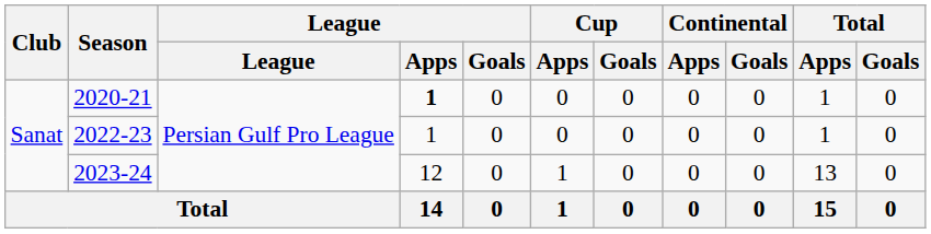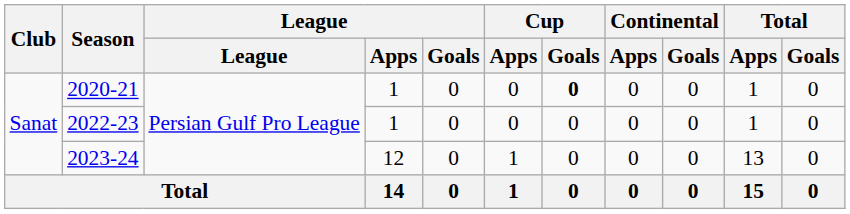 <table class="wikitable"style="text-align:center;">
 <tr>
 <th rowspan=2>Club</th>
 <th rowspan=2>Season</th>
 <th colspan=3>League</th>
 <th colspan=2>Cup</th>
 <th colspan=2>Continental</th>
 <th colspan=2>Total</th>
 </tr>
 <tr>
 <th>League</th>
 <th>Apps</th>
 <th>Goals</th>
 <th>Apps</th>
 <th>Goals</th>
 <th>Apps</th>
 <th>Goals</th>
 <th>Apps</th>
 <th>Goals</th>
 </tr>
 <tr>
 <td rowspan="3"><a href='#'>Sanat</a></td>
 <td><a href='#'>2020-21</a></td>
 <td rowspan="3"><a href='#'>Persian Gulf Pro League</a></td>
-<td><strong>1</strong></td>
+<td>1</td>
 <td>0</td>
 <td>0</td>
-<td>0</td>
+<td><strong>0</strong></td>
 <td>0</td>
 <td>0</td>
 <td>1</td>
 <td>0</td>
 </tr>
 <tr>
 <td><a href='#'>2022-23</a></td>
 <td>1</td>
 <td>0</td>
 <td>0</td>
 <td>0</td>
 <td>0</td>
 <td>0</td>
 <td>1</td>
 <td>0</td>
 </tr>
 <tr>
 <td><a href='#'>2023-24</a></td>
 <td>12</td>
 <td>0</td>
 <td>1</td>
 <td>0</td>
 <td>0</td>
 <td>0</td>
 <td>13</td>
 <td>0</td>
 </tr>
 <tr>
 <th colspan=3>Total</th>
 <th>14</th>
 <th>0</th>
 <th>1</th>
 <th>0</th>
 <th>0</th>
 <th>0</th>
 <th>15</th>
 <th>0</th>
 </tr>
 </table>
